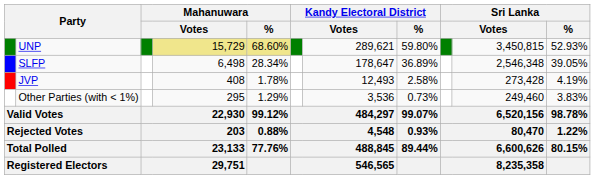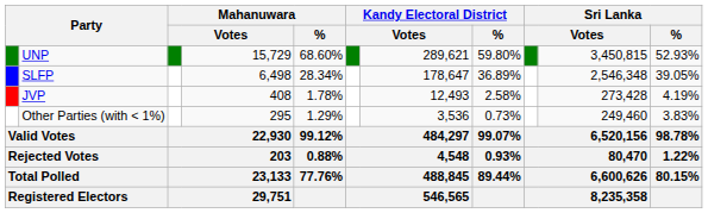 <table class="wikitable">
 <tr>
 <th colspan="2" width="144px"rowspan="2">Party</th>
 <th colspan="3" width="216px">Mahanuwara</th>
 <th colspan="3" width="216px"><a href='#'>Kandy Electoral District</a></th>
 <th colspan="3" width="216px">Sri Lanka</th>
 </tr>
 <tr>
 <th colspan="2" width="144px">Votes</th>
 <th>%</th>
 <th colspan="2" width="144px">Votes</th>
 <th>%</th>
 <th colspan="2" width="144px">Votes</th>
 <th>%</th>
 </tr>
 <tr>
 <td style="background-color:green;" width="10px"></td>
 <td style="text-align:left;"><a href='#'>UNP</a></td>
 <td style="background-color:green;" width="10px"></td>
-<td style="background: khaki; text-align:right;">15,729</td>
-<td style="background: khaki; text-align:right;">68.60%</td>
+<td style="text-align:right;">15,729</td>
+<td style="text-align:right;">68.60%</td>
 <td style="background-color:green;" width="10px"></td>
 <td style="text-align:right;">289,621</td>
 <td style="text-align:right;">59.80%</td>
 <td style="background-color:green;" width="10px"></td>
 <td style="text-align:right;">3,450,815</td>
 <td style="text-align:right;">52.93%</td>
 </tr>
 <tr>
 <td style="background-color:blue;" width="10px"></td>
 <td style="text-align:left;"><a href='#'>SLFP</a></td>
 <td style="background-color:white;" width="10px"></td>
 <td style="text-align:right;">6,498</td>
 <td style="text-align:right;">28.34%</td>
 <td style="background-color:white;" width="10px"></td>
 <td style="text-align:right;">178,647</td>
 <td style="text-align:right;">36.89%</td>
 <td style="background-color:white;" width="10px"></td>
 <td style="text-align:right;">2,546,348</td>
 <td style="text-align:right;">39.05%</td>
 </tr>
 <tr>
 <td style="background-color:red;" width="10px"></td>
 <td style="text-align:left;"><a href='#'>JVP</a></td>
 <td style="background-color:white;" width="10px"></td>
 <td style="text-align:right;">408</td>
 <td style="text-align:right;">1.78%</td>
 <td style="background-color:white;" width="10px"></td>
 <td style="text-align:right;">12,493</td>
 <td style="text-align:right;">2.58%</td>
 <td style="background-color:white;" width="10px"></td>
 <td style="text-align:right;">273,428</td>
 <td style="text-align:right;">4.19%</td>
 </tr>
 <tr>
 <td style="background-color:white;" width="10px"></td>
 <td style="text-align:left;">Other Parties (with < 1%)</td>
 <td style="background-color:white;" width="10px"></td>
 <td style="text-align:right;">295</td>
 <td style="text-align:right;">1.29%</td>
 <td style="background-color:white;" width="10px"></td>
 <td style="text-align:right;">3,536</td>
 <td style="text-align:right;">0.73%</td>
 <td style="background-color:white;" width="10px"></td>
 <td style="text-align:right;">249,460</td>
 <td style="text-align:right;">3.83%</td>
 </tr>
 <tr>
 <th colspan="2" width="144px"style="text-align:left;">Valid Votes</th>
 <th style="text-align:right;"colspan="2" width="144px">22,930</th>
 <th style="text-align:right;">99.12%</th>
 <th style="text-align:right;"colspan="2" width="144px">484,297</th>
 <th style="text-align:right;">99.07%</th>
 <th style="text-align:right;"colspan="2" width="144px">6,520,156</th>
 <th style="text-align:right;">98.78%</th>
 </tr>
 <tr>
 <th colspan="2" width="144px"style="text-align:left;">Rejected Votes</th>
 <th style="text-align:right;"colspan="2" width="144px">203</th>
 <th style="text-align:right;">0.88%</th>
 <th style="text-align:right;"colspan="2" width="144px">4,548</th>
 <th style="text-align:right;">0.93%</th>
 <th style="text-align:right;"colspan="2" width="144px">80,470</th>
 <th style="text-align:right;">1.22%</th>
 </tr>
 <tr>
 <th colspan="2" width="144px"style="text-align:left;">Total Polled</th>
 <th style="text-align:right;"colspan="2" width="144px">23,133</th>
 <th style="text-align:right;">77.76%</th>
 <th style="text-align:right;"colspan="2" width="144px">488,845</th>
 <th style="text-align:right;">89.44%</th>
 <th style="text-align:right;"colspan="2" width="144px">6,600,626</th>
 <th style="text-align:right;">80.15%</th>
 </tr>
 <tr>
 <th colspan="2" width="144px"style="text-align:left;">Registered Electors</th>
 <th style="text-align:right;"colspan="2" width="144px">29,751</th>
 <th></th>
 <th style="text-align:right;"colspan="2" width="144px">546,565</th>
 <th></th>
 <th style="text-align:right;"colspan="2" width="144px">8,235,358</th>
 <th></th>
 </tr>
 </table>
